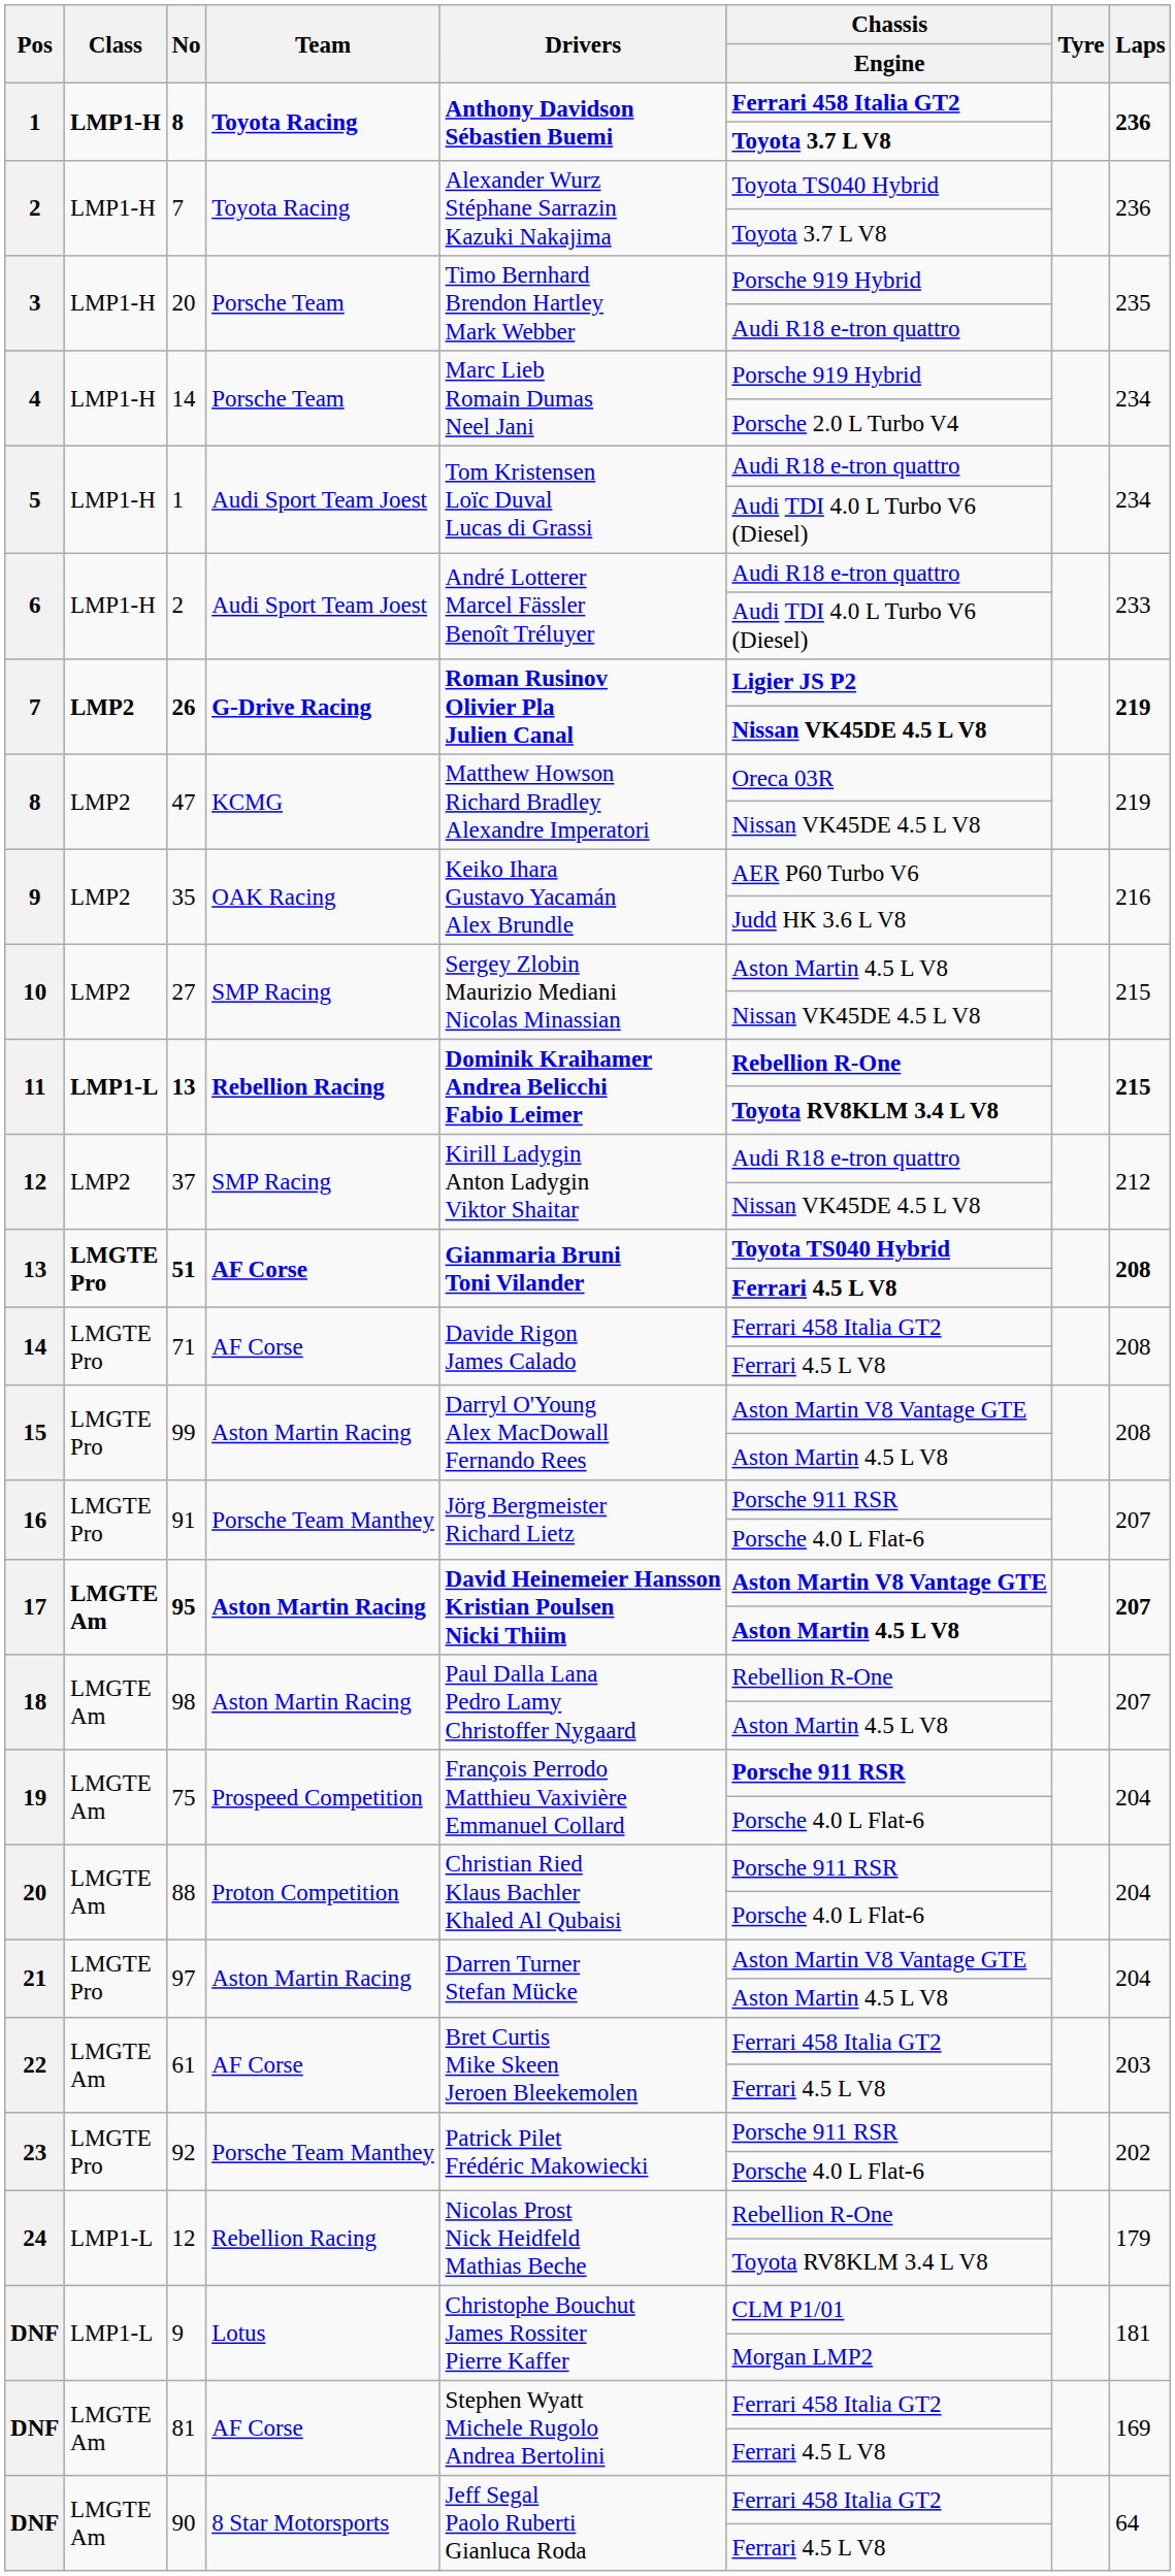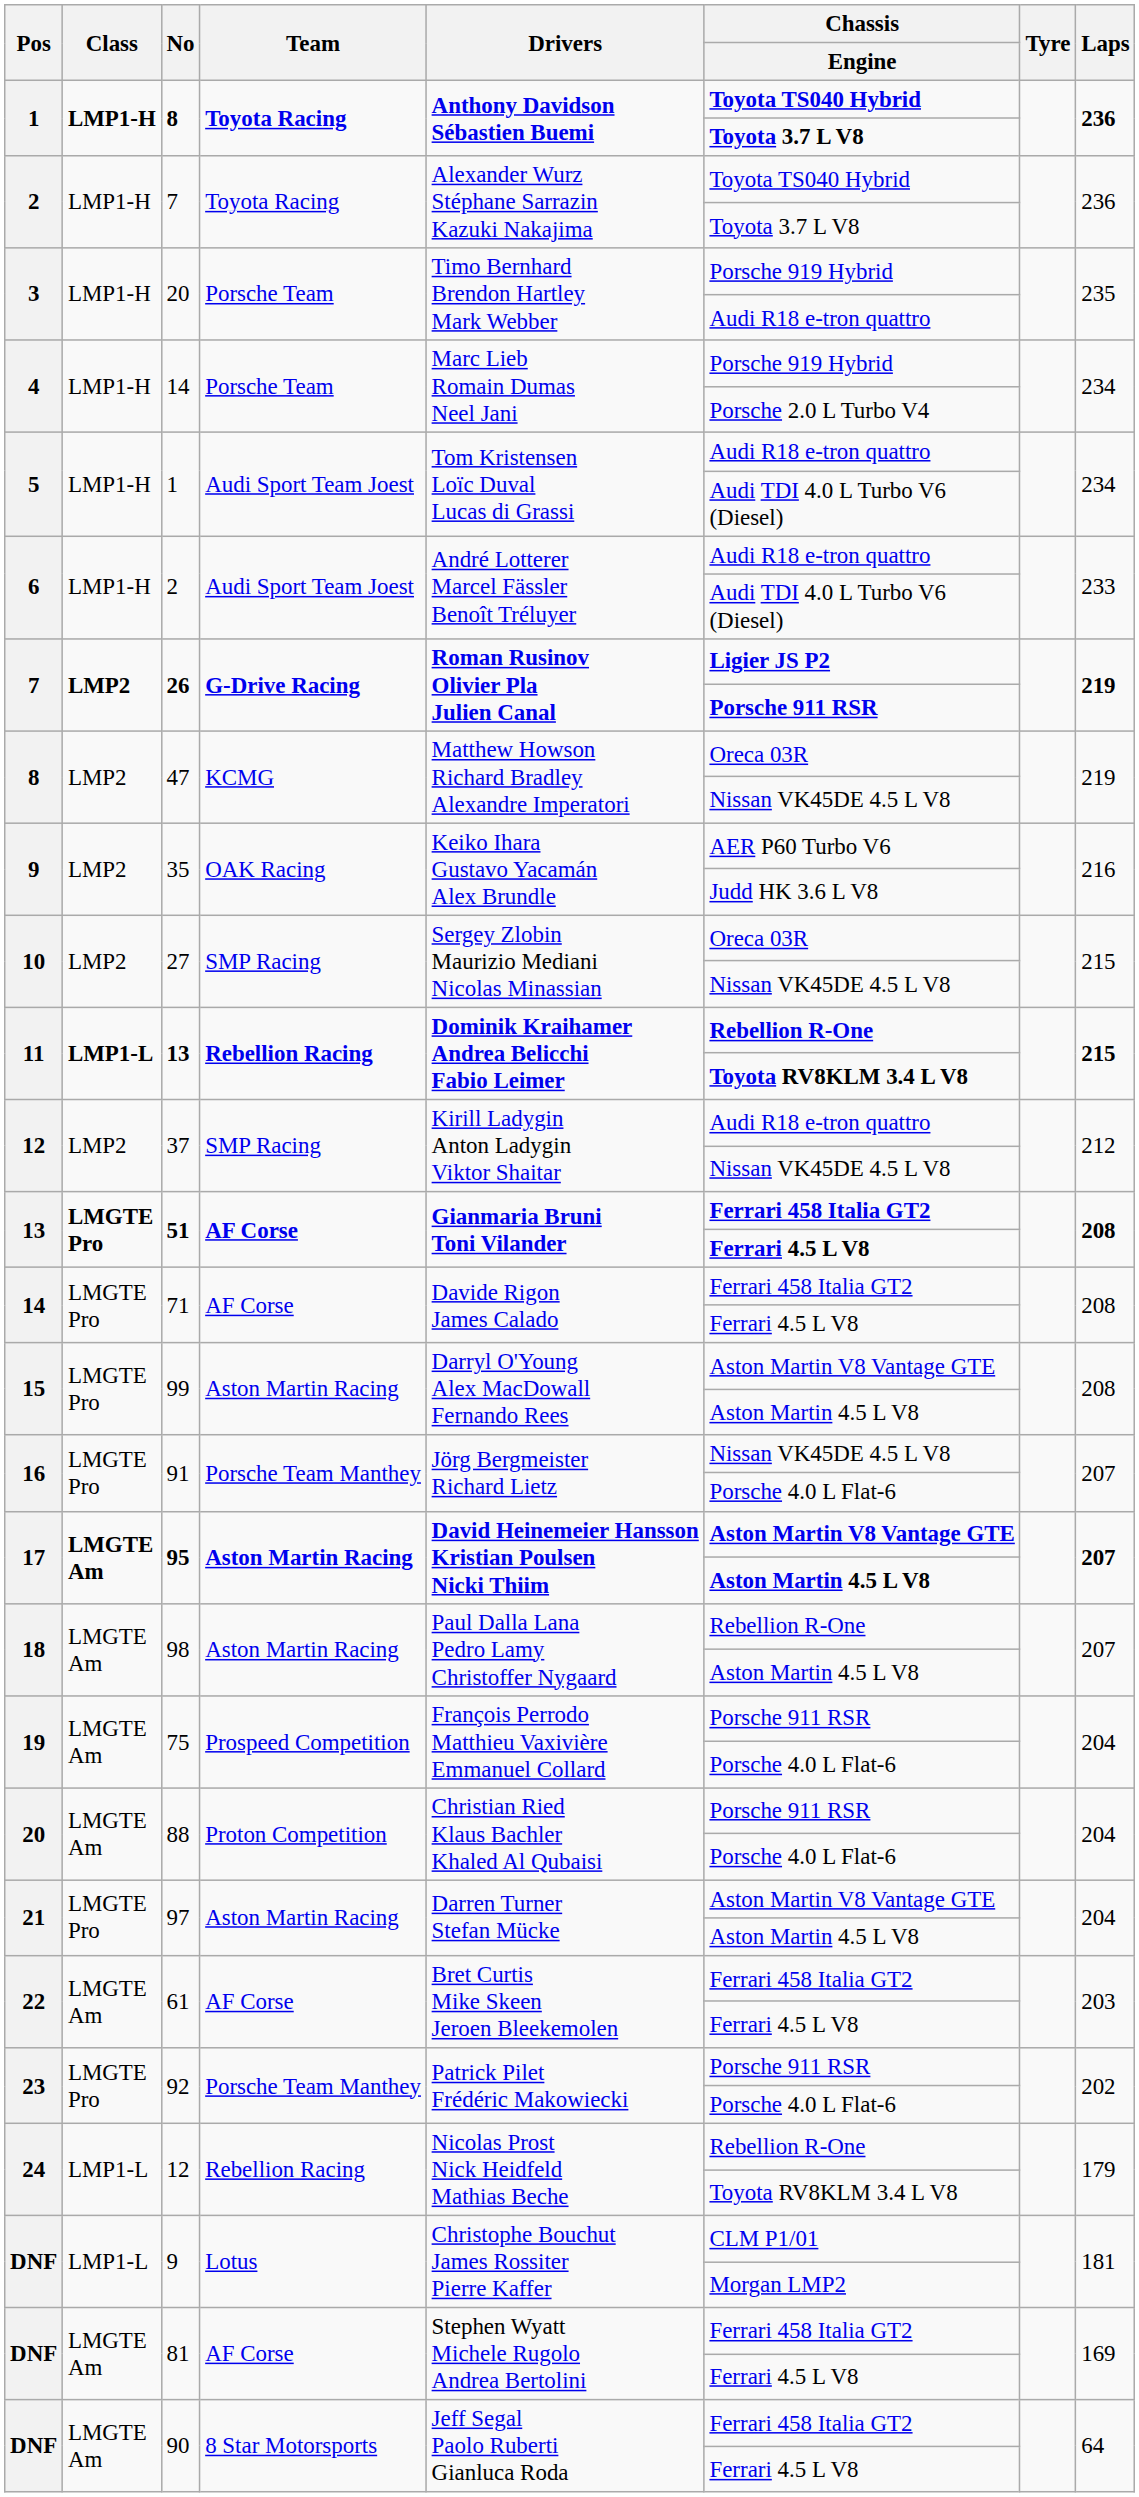 <table class="wikitable" style="font-size: 95%;">
 <tr>
 <th rowspan=2>Pos</th>
 <th rowspan=2>Class</th>
 <th rowspan=2>No</th>
 <th rowspan=2>Team</th>
 <th rowspan=2>Drivers</th>
 <th>Chassis</th>
 <th rowspan=2>Tyre</th>
 <th rowspan=2>Laps</th>
 </tr>
 <tr>
 <th>Engine</th>
 </tr>
 <tr style="font-weight:bold">
 <th rowspan=2>1</th>
 <td rowspan=2>LMP1-H</td>
 <td rowspan=2>8</td>
 <td rowspan=2> <a href='#'>Toyota Racing</a></td>
 <td rowspan=2> <a href='#'>Anthony Davidson</a><br> <a href='#'>Sébastien Buemi</a></td>
-<td><a href='#'>Ferrari 458 Italia GT2</a></td>
+<td><a href='#'>Toyota TS040 Hybrid</a></td>
 <td rowspan=2></td>
 <td rowspan=2>236</td>
 </tr>
 <tr style="font-weight:bold">
 <td><a href='#'>Toyota</a> 3.7 L V8</td>
 </tr>
 <tr>
 <th rowspan=2>2</th>
 <td rowspan=2>LMP1-H</td>
 <td rowspan=2>7</td>
 <td rowspan=2> <a href='#'>Toyota Racing</a></td>
 <td rowspan=2> <a href='#'>Alexander Wurz</a><br> <a href='#'>Stéphane Sarrazin</a><br> <a href='#'>Kazuki Nakajima</a></td>
 <td><a href='#'>Toyota TS040 Hybrid</a></td>
 <td rowspan=2></td>
 <td rowspan=2>236</td>
 </tr>
 <tr>
 <td><a href='#'>Toyota</a> 3.7 L V8</td>
 </tr>
 <tr>
 <th rowspan=2>3</th>
 <td rowspan=2>LMP1-H</td>
 <td rowspan=2>20</td>
 <td rowspan=2> <a href='#'>Porsche Team</a></td>
 <td rowspan=2> <a href='#'>Timo Bernhard</a><br> <a href='#'>Brendon Hartley</a><br> <a href='#'>Mark Webber</a></td>
 <td><a href='#'>Porsche 919 Hybrid</a></td>
 <td rowspan=2></td>
 <td rowspan=2>235</td>
 </tr>
 <tr>
 <td><a href='#'>Audi R18 e-tron quattro</a></td>
 </tr>
 <tr>
 <th rowspan=2>4</th>
 <td rowspan=2>LMP1-H</td>
 <td rowspan=2>14</td>
 <td rowspan=2> <a href='#'>Porsche Team</a></td>
 <td rowspan=2> <a href='#'>Marc Lieb</a><br> <a href='#'>Romain Dumas</a><br> <a href='#'>Neel Jani</a></td>
 <td><a href='#'>Porsche 919 Hybrid</a></td>
 <td rowspan=2></td>
 <td rowspan=2>234</td>
 </tr>
 <tr>
 <td><a href='#'>Porsche</a> 2.0 L Turbo V4</td>
 </tr>
 <tr>
 <th rowspan=2>5</th>
 <td rowspan=2>LMP1-H</td>
 <td rowspan=2>1</td>
 <td rowspan=2> <a href='#'>Audi Sport Team Joest</a></td>
 <td rowspan=2> <a href='#'>Tom Kristensen</a><br> <a href='#'>Loïc Duval</a><br> <a href='#'>Lucas di Grassi</a></td>
 <td><a href='#'>Audi R18 e-tron quattro</a></td>
 <td rowspan=2></td>
 <td rowspan=2>234</td>
 </tr>
 <tr>
 <td><a href='#'>Audi</a> <a href='#'>TDI</a> 4.0 L Turbo V6<br>(Diesel)</td>
 </tr>
 <tr>
 <th rowspan=2>6</th>
 <td rowspan=2>LMP1-H</td>
 <td rowspan=2>2</td>
 <td rowspan=2> <a href='#'>Audi Sport Team Joest</a></td>
 <td rowspan=2> <a href='#'>André Lotterer</a><br> <a href='#'>Marcel Fässler</a><br> <a href='#'>Benoît Tréluyer</a></td>
 <td><a href='#'>Audi R18 e-tron quattro</a></td>
 <td rowspan=2></td>
 <td rowspan=2>233</td>
 </tr>
 <tr>
 <td><a href='#'>Audi</a> <a href='#'>TDI</a> 4.0 L Turbo V6<br>(Diesel)</td>
 </tr>
 <tr style="font-weight:bold">
 <th rowspan=2>7</th>
 <td rowspan=2>LMP2</td>
 <td rowspan=2>26</td>
 <td rowspan=2> <a href='#'>G-Drive Racing</a></td>
 <td rowspan=2> <a href='#'>Roman Rusinov</a><br> <a href='#'>Olivier Pla</a><br> <a href='#'>Julien Canal</a></td>
 <td><a href='#'>Ligier JS P2</a></td>
 <td rowspan=2></td>
 <td rowspan=2>219</td>
 </tr>
 <tr style="font-weight:bold">
-<td><a href='#'>Nissan</a> VK45DE 4.5 L V8</td>
+<td><a href='#'>Porsche 911 RSR</a></td>
 </tr>
 <tr>
 <th rowspan=2>8</th>
 <td rowspan=2>LMP2</td>
 <td rowspan=2>47</td>
 <td rowspan=2> <a href='#'>KCMG</a></td>
 <td rowspan=2> <a href='#'>Matthew Howson</a><br> <a href='#'>Richard Bradley</a><br> <a href='#'>Alexandre Imperatori</a></td>
 <td><a href='#'>Oreca 03R</a></td>
 <td rowspan=2></td>
 <td rowspan=2>219</td>
 </tr>
 <tr>
 <td><a href='#'>Nissan</a> VK45DE 4.5 L V8</td>
 </tr>
 <tr>
 <th rowspan=2>9</th>
 <td rowspan=2>LMP2</td>
 <td rowspan=2>35</td>
 <td rowspan=2> <a href='#'>OAK Racing</a></td>
 <td rowspan=2> <a href='#'>Keiko Ihara</a><br> <a href='#'>Gustavo Yacamán</a><br> <a href='#'>Alex Brundle</a></td>
 <td><a href='#'>AER</a> P60 Turbo V6</td>
 <td rowspan=2></td>
 <td rowspan=2>216</td>
 </tr>
 <tr>
 <td><a href='#'>Judd</a> HK 3.6 L V8</td>
 </tr>
 <tr>
 <th rowspan=2>10</th>
 <td rowspan=2>LMP2</td>
 <td rowspan=2>27</td>
 <td rowspan=2> <a href='#'>SMP Racing</a></td>
 <td rowspan=2> <a href='#'>Sergey Zlobin</a><br> Maurizio Mediani<br> <a href='#'>Nicolas Minassian</a></td>
-<td><a href='#'>Aston Martin</a> 4.5 L V8</td>
+<td><a href='#'>Oreca 03R</a></td>
 <td rowspan=2></td>
 <td rowspan=2>215</td>
 </tr>
 <tr>
 <td><a href='#'>Nissan</a> VK45DE 4.5 L V8</td>
 </tr>
 <tr style="font-weight:bold">
 <th rowspan=2>11</th>
 <td rowspan=2>LMP1-L</td>
 <td rowspan=2>13</td>
 <td rowspan=2> <a href='#'>Rebellion Racing</a></td>
 <td rowspan=2> <a href='#'>Dominik Kraihamer</a><br> <a href='#'>Andrea Belicchi</a><br> <a href='#'>Fabio Leimer</a></td>
 <td><a href='#'>Rebellion R-One</a></td>
 <td rowspan=2></td>
 <td rowspan=2>215</td>
 </tr>
 <tr style="font-weight:bold">
 <td><a href='#'>Toyota</a> RV8KLM 3.4 L V8</td>
 </tr>
 <tr>
 <th rowspan=2>12</th>
 <td rowspan=2>LMP2</td>
 <td rowspan=2>37</td>
 <td rowspan=2> <a href='#'>SMP Racing</a></td>
 <td rowspan=2> <a href='#'>Kirill Ladygin</a><br> Anton Ladygin<br> <a href='#'>Viktor Shaitar</a></td>
 <td><a href='#'>Audi R18 e-tron quattro</a></td>
 <td rowspan=2></td>
 <td rowspan=2>212</td>
 </tr>
 <tr>
 <td><a href='#'>Nissan</a> VK45DE 4.5 L V8</td>
 </tr>
 <tr style="font-weight:bold">
 <th rowspan=2>13</th>
 <td rowspan=2>LMGTE<br>Pro</td>
 <td rowspan=2>51</td>
 <td rowspan=2> <a href='#'>AF Corse</a></td>
 <td rowspan=2> <a href='#'>Gianmaria Bruni</a><br> <a href='#'>Toni Vilander</a></td>
-<td><a href='#'>Toyota TS040 Hybrid</a></td>
+<td><a href='#'>Ferrari 458 Italia GT2</a></td>
 <td rowspan=2></td>
 <td rowspan=2>208</td>
 </tr>
 <tr style="font-weight:bold">
 <td><a href='#'>Ferrari</a> 4.5 L V8</td>
 </tr>
 <tr>
 <th rowspan=2>14</th>
 <td rowspan=2>LMGTE<br>Pro</td>
 <td rowspan=2>71</td>
 <td rowspan=2> <a href='#'>AF Corse</a></td>
 <td rowspan=2> <a href='#'>Davide Rigon</a><br> <a href='#'>James Calado</a></td>
 <td><a href='#'>Ferrari 458 Italia GT2</a></td>
 <td rowspan=2></td>
 <td rowspan=2>208</td>
 </tr>
 <tr>
 <td><a href='#'>Ferrari</a> 4.5 L V8</td>
 </tr>
 <tr>
 <th rowspan=2>15</th>
 <td rowspan=2>LMGTE<br>Pro</td>
 <td rowspan=2>99</td>
 <td rowspan=2> <a href='#'>Aston Martin Racing</a></td>
 <td rowspan=2> <a href='#'>Darryl O'Young</a><br> <a href='#'>Alex MacDowall</a><br> <a href='#'>Fernando Rees</a></td>
 <td><a href='#'>Aston Martin V8 Vantage GTE</a></td>
 <td rowspan=2></td>
 <td rowspan=2>208</td>
 </tr>
 <tr>
 <td><a href='#'>Aston Martin</a> 4.5 L V8</td>
 </tr>
 <tr>
 <th rowspan=2>16</th>
 <td rowspan=2>LMGTE<br>Pro</td>
 <td rowspan=2>91</td>
 <td rowspan=2> <a href='#'>Porsche Team Manthey</a></td>
 <td rowspan=2> <a href='#'>Jörg Bergmeister</a><br> <a href='#'>Richard Lietz</a></td>
-<td><a href='#'>Porsche 911 RSR</a></td>
+<td><a href='#'>Nissan</a> VK45DE 4.5 L V8</td>
 <td rowspan=2></td>
 <td rowspan=2>207</td>
 </tr>
 <tr>
 <td><a href='#'>Porsche</a> 4.0 L Flat-6</td>
 </tr>
 <tr style="font-weight:bold">
 <th rowspan=2>17</th>
 <td rowspan=2>LMGTE<br>Am</td>
 <td rowspan=2>95</td>
 <td rowspan=2> <a href='#'>Aston Martin Racing</a></td>
 <td rowspan=2> <a href='#'>David Heinemeier Hansson</a><br> <a href='#'>Kristian Poulsen</a><br> <a href='#'>Nicki Thiim</a></td>
 <td><a href='#'>Aston Martin V8 Vantage GTE</a></td>
 <td rowspan=2></td>
 <td rowspan=2>207</td>
 </tr>
 <tr style="font-weight:bold">
 <td><a href='#'>Aston Martin</a> 4.5 L V8</td>
 </tr>
 <tr>
 <th rowspan=2>18</th>
 <td rowspan=2>LMGTE<br>Am</td>
 <td rowspan=2>98</td>
 <td rowspan=2> <a href='#'>Aston Martin Racing</a></td>
 <td rowspan=2> <a href='#'>Paul Dalla Lana</a><br> <a href='#'>Pedro Lamy</a><br> <a href='#'>Christoffer Nygaard</a></td>
 <td><a href='#'>Rebellion R-One</a></td>
 <td rowspan=2></td>
 <td rowspan=2>207</td>
 </tr>
 <tr>
 <td><a href='#'>Aston Martin</a> 4.5 L V8</td>
 </tr>
 <tr>
 <th rowspan=2>19</th>
 <td rowspan=2>LMGTE<br>Am</td>
 <td rowspan=2>75</td>
 <td rowspan=2> <a href='#'>Prospeed Competition</a></td>
 <td rowspan=2> <a href='#'>François Perrodo</a><br> <a href='#'>Matthieu Vaxivière</a><br> <a href='#'>Emmanuel Collard</a></td>
-<td><strong><a href='#'>Porsche 911 RSR</a></strong></td>
+<td><a href='#'>Porsche 911 RSR</a></td>
 <td rowspan=2></td>
 <td rowspan=2>204</td>
 </tr>
 <tr>
 <td><a href='#'>Porsche</a> 4.0 L Flat-6</td>
 </tr>
 <tr>
 <th rowspan=2>20</th>
 <td rowspan=2>LMGTE<br>Am</td>
 <td rowspan=2>88</td>
 <td rowspan=2> <a href='#'>Proton Competition</a></td>
 <td rowspan=2> <a href='#'>Christian Ried</a><br> <a href='#'>Klaus Bachler</a><br> <a href='#'>Khaled Al Qubaisi</a></td>
 <td><a href='#'>Porsche 911 RSR</a></td>
 <td rowspan=2></td>
 <td rowspan=2>204</td>
 </tr>
 <tr>
 <td><a href='#'>Porsche</a> 4.0 L Flat-6</td>
 </tr>
 <tr>
 <th rowspan=2>21</th>
 <td rowspan=2>LMGTE<br>Pro</td>
 <td rowspan=2>97</td>
 <td rowspan=2> <a href='#'>Aston Martin Racing</a></td>
 <td rowspan=2> <a href='#'>Darren Turner</a><br> <a href='#'>Stefan Mücke</a></td>
 <td><a href='#'>Aston Martin V8 Vantage GTE</a></td>
 <td rowspan=2></td>
 <td rowspan=2>204</td>
 </tr>
 <tr>
 <td><a href='#'>Aston Martin</a> 4.5 L V8</td>
 </tr>
 <tr>
 <th rowspan=2>22</th>
 <td rowspan=2>LMGTE<br>Am</td>
 <td rowspan=2>61</td>
 <td rowspan=2> <a href='#'>AF Corse</a></td>
 <td rowspan=2> <a href='#'>Bret Curtis</a><br> <a href='#'>Mike Skeen</a><br> <a href='#'>Jeroen Bleekemolen</a></td>
 <td><a href='#'>Ferrari 458 Italia GT2</a></td>
 <td rowspan=2></td>
 <td rowspan=2>203</td>
 </tr>
 <tr>
 <td><a href='#'>Ferrari</a> 4.5 L V8</td>
 </tr>
 <tr>
 <th rowspan=2>23</th>
 <td rowspan=2>LMGTE<br>Pro</td>
 <td rowspan=2>92</td>
 <td rowspan=2> <a href='#'>Porsche Team Manthey</a></td>
 <td rowspan=2> <a href='#'>Patrick Pilet</a><br> <a href='#'>Frédéric Makowiecki</a></td>
 <td><a href='#'>Porsche 911 RSR</a></td>
 <td rowspan=2></td>
 <td rowspan=2>202</td>
 </tr>
 <tr>
 <td><a href='#'>Porsche</a> 4.0 L Flat-6</td>
 </tr>
 <tr>
 <th rowspan=2>24</th>
 <td rowspan=2>LMP1-L</td>
 <td rowspan=2>12</td>
 <td rowspan=2> <a href='#'>Rebellion Racing</a></td>
 <td rowspan=2> <a href='#'>Nicolas Prost</a><br> <a href='#'>Nick Heidfeld</a><br> <a href='#'>Mathias Beche</a></td>
 <td><a href='#'>Rebellion R-One</a></td>
 <td rowspan=2></td>
 <td rowspan=2>179</td>
 </tr>
 <tr>
 <td><a href='#'>Toyota</a> RV8KLM 3.4 L V8</td>
 </tr>
 <tr>
 <th rowspan=2>DNF</th>
 <td rowspan=2>LMP1-L</td>
 <td rowspan=2>9</td>
 <td rowspan=2> <a href='#'>Lotus</a></td>
 <td rowspan=2> <a href='#'>Christophe Bouchut</a><br> <a href='#'>James Rossiter</a><br> <a href='#'>Pierre Kaffer</a></td>
 <td><a href='#'>CLM P1/01</a></td>
 <td rowspan=2></td>
 <td rowspan=2>181</td>
 </tr>
 <tr>
 <td><a href='#'>Morgan LMP2</a></td>
 </tr>
 <tr>
 <th rowspan=2>DNF</th>
 <td rowspan=2>LMGTE<br>Am</td>
 <td rowspan=2>81</td>
 <td rowspan=2> <a href='#'>AF Corse</a></td>
 <td rowspan=2> Stephen Wyatt<br> <a href='#'>Michele Rugolo</a><br> <a href='#'>Andrea Bertolini</a></td>
 <td><a href='#'>Ferrari 458 Italia GT2</a></td>
 <td rowspan=2></td>
 <td rowspan=2>169</td>
 </tr>
 <tr>
 <td><a href='#'>Ferrari</a> 4.5 L V8</td>
 </tr>
 <tr>
 <th rowspan=2>DNF</th>
 <td rowspan=2>LMGTE<br>Am</td>
 <td rowspan=2>90</td>
 <td rowspan=2> <a href='#'>8 Star Motorsports</a></td>
 <td rowspan=2> <a href='#'>Jeff Segal</a><br> <a href='#'>Paolo Ruberti</a><br> Gianluca Roda</td>
 <td><a href='#'>Ferrari 458 Italia GT2</a></td>
 <td rowspan=2></td>
 <td rowspan=2>64</td>
 </tr>
 <tr>
 <td><a href='#'>Ferrari</a> 4.5 L V8</td>
 </tr>
 </table>
